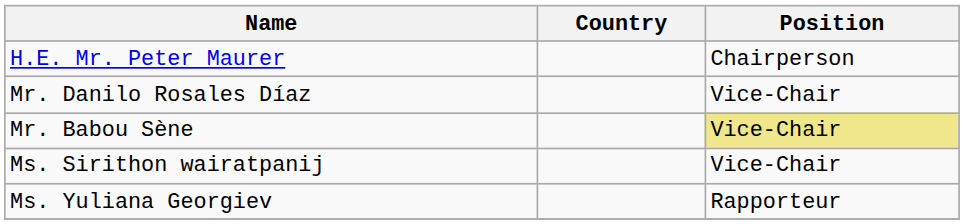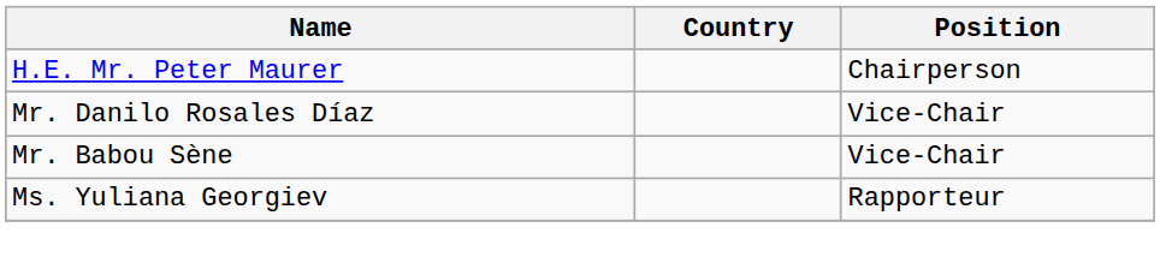 <table class="wikitable" style="display: inline-table; width: 45%;">
 <tr>
 <th>Name</th>
 <th>Country</th>
 <th>Position</th>
 </tr>
 <tr>
 <td><a href='#'>H.E. Mr. Peter Maurer</a></td>
 <td></td>
 <td>Chairperson</td>
 </tr>
 <tr>
 <td>Mr. Danilo Rosales Díaz</td>
 <td></td>
 <td>Vice-Chair</td>
 </tr>
 <tr>
 <td>Mr. Babou Sène</td>
 <td></td>
-<td style="background: khaki;">Vice-Chair</td>
-</tr>
-<tr>
-<td>Ms. Sirithon wairatpanij</td>
-<td></td>
 <td>Vice-Chair</td>
 </tr>
 <tr>
 <td>Ms. Yuliana Georgiev</td>
 <td></td>
 <td>Rapporteur</td>
 </tr>
 <tr>
 </tr>
 </table>
